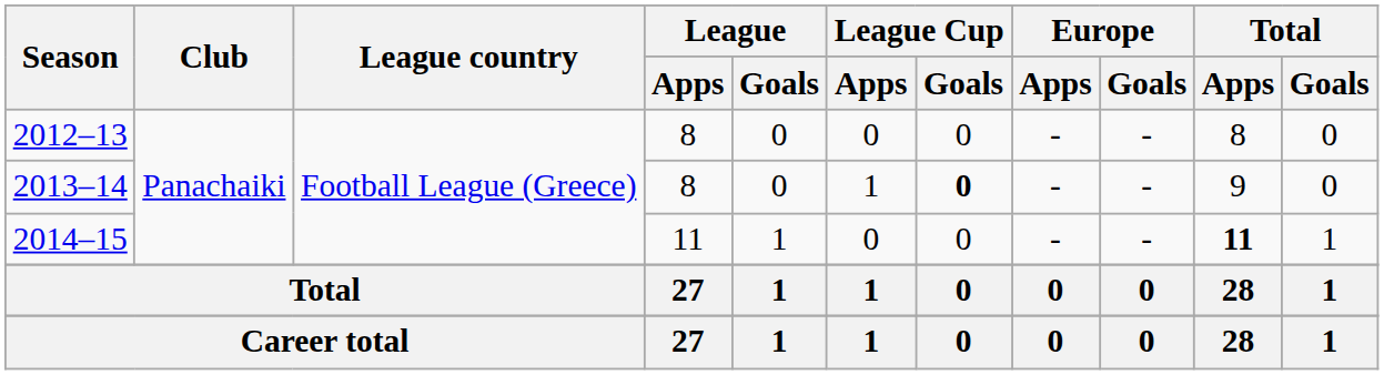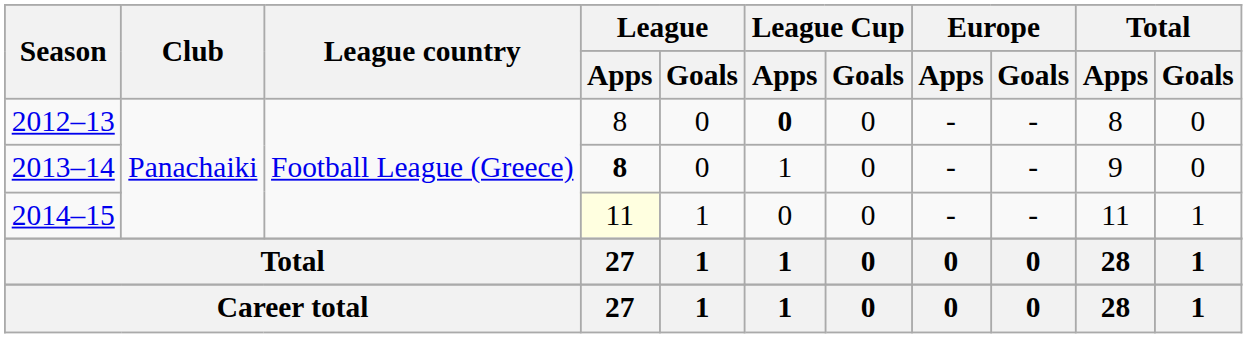 <table class="wikitable" style="text-align: center;">
 <tr>
 <th rowspan="2">Season</th>
 <th rowspan="2">Club</th>
 <th rowspan="2">League country</th>
 <th colspan="2">League</th>
 <th colspan="2">League Cup</th>
 <th colspan="2">Europe</th>
 <th colspan="2">Total</th>
 </tr>
 <tr>
 <th>Apps</th>
 <th>Goals</th>
 <th>Apps</th>
 <th>Goals</th>
 <th>Apps</th>
 <th>Goals</th>
 <th>Apps</th>
 <th>Goals</th>
 </tr>
 <tr>
 <td rowspan="1"><a href='#'>2012–13</a></td>
 <td rowspan="3" valign="center"><a href='#'>Panachaiki</a></td>
 <td rowspan="3"><a href='#'>Football League (Greece)</a></td>
 <td>8</td>
 <td>0</td>
-<td>0</td>
+<td><strong>0</strong></td>
 <td>0</td>
 <td>-</td>
 <td>-</td>
 <td>8</td>
 <td>0</td>
 </tr>
 <tr>
 <td rowspan="1"><a href='#'>2013–14</a></td>
-<td>8</td>
+<td><strong>8</strong></td>
 <td>0</td>
 <td>1</td>
-<td><strong>0</strong></td>
+<td>0</td>
 <td>-</td>
 <td>-</td>
 <td>9</td>
 <td>0</td>
 </tr>
 <tr>
 <td rowspan="1"><a href='#'>2014–15</a></td>
-<td>11</td>
+<td style="background: lightyellow;">11</td>
 <td>1</td>
 <td>0</td>
 <td>0</td>
 <td>-</td>
 <td>-</td>
-<td><strong>11</strong></td>
+<td>11</td>
 <td>1</td>
 </tr>
 <tr>
 </tr>
 <tr>
 <th colspan="3" valign="center">Total</th>
 <th>27</th>
 <th>1</th>
 <th>1</th>
 <th>0</th>
 <th>0</th>
 <th>0</th>
 <th>28</th>
 <th>1</th>
 </tr>
 <tr>
 </tr>
 <tr>
 <th colspan="3">Career total</th>
 <th>27</th>
 <th>1</th>
 <th>1</th>
 <th>0</th>
 <th>0</th>
 <th>0</th>
 <th>28</th>
 <th>1</th>
 </tr>
 </table>
